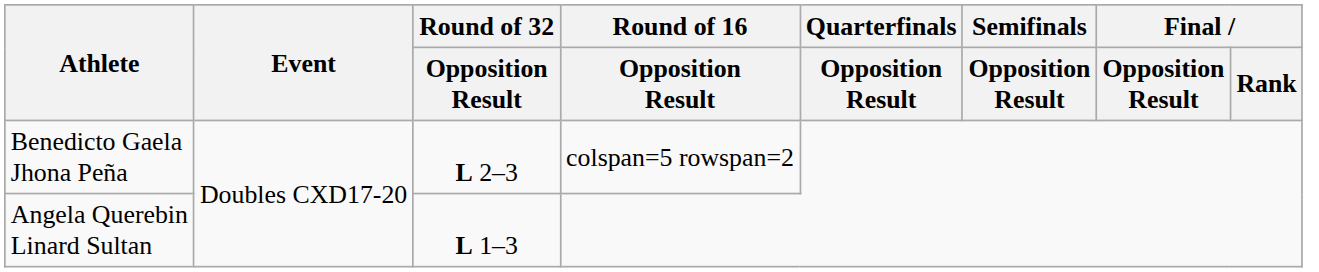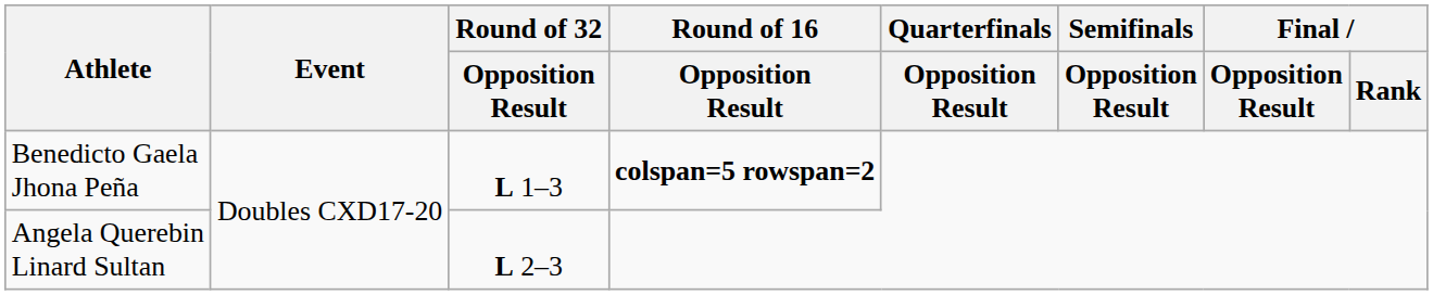 <table class=wikitable style="font-size:95%">
 <tr>
 <th rowspan=2>Athlete</th>
 <th rowspan=2>Event</th>
 <th>Round of 32</th>
 <th>Round of 16</th>
 <th>Quarterfinals</th>
 <th>Semifinals</th>
 <th colspan=2>Final / </th>
 </tr>
 <tr>
 <th>Opposition<br>Result</th>
 <th>Opposition<br>Result</th>
 <th>Opposition<br>Result</th>
 <th>Opposition<br>Result</th>
 <th>Opposition<br>Result</th>
 <th>Rank</th>
 </tr>
 <tr align=center>
 <td align=left>Benedicto Gaela<br>Jhona Peña</td>
 <td rowspan=2 align=left>Doubles CXD17-20</td>
-<td><br><strong>L</strong> 2–3</td>
-<td>colspan=5 rowspan=2 </td>
+<td><br><strong>L</strong> 1–3</td>
+<td><strong>colspan=5 rowspan=2 </strong></td>
 </tr>
 <tr align=center>
 <td align=left>Angela Querebin<br>Linard Sultan</td>
-<td><br><strong>L</strong> 1–3</td>
+<td><br><strong>L</strong> 2–3</td>
 </tr>
 </table>
